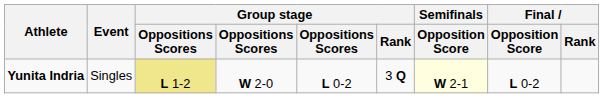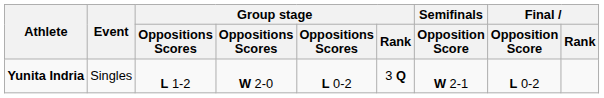 <table class="wikitable" style="font-size:85%; text-align:center">
 <tr>
 <th rowspan=2>Athlete</th>
 <th rowspan=2>Event</th>
 <th colspan=4>Group stage</th>
 <th>Semifinals</th>
 <th colspan=2>Final / </th>
 </tr>
 <tr>
 <th>Oppositions<br>Scores</th>
 <th>Oppositions<br>Scores</th>
 <th>Oppositions<br>Scores</th>
 <th>Rank</th>
 <th>Opposition<br>Score</th>
 <th>Opposition<br>Score</th>
 <th>Rank</th>
 </tr>
 <tr>
 <td align="left"><strong>Yunita Indria</strong></td>
 <td align="left" rowspan=2>Singles</td>
-<td style="background: khaki;"><br><strong>L</strong> 1-2</td>
+<td><br><strong>L</strong> 1-2</td>
 <td><br><strong>W</strong> 2-0</td>
 <td><br><strong>L</strong> 0-2</td>
 <td>3 <strong>Q</strong></td>
-<td style="background: lightyellow;"><br><strong>W</strong> 2-1</td>
+<td><br><strong>W</strong> 2-1</td>
 <td><br><strong>L</strong> 0-2</td>
 <td></td>
 </tr>
 </table>
